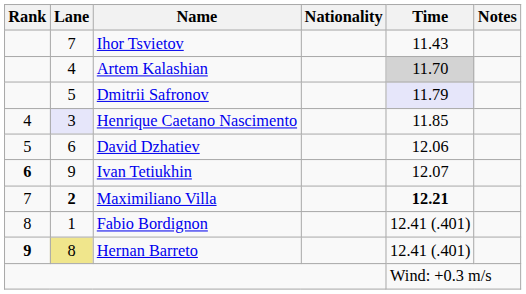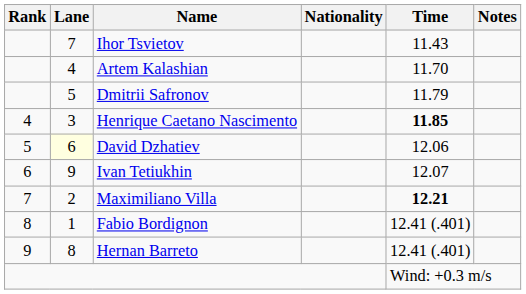 <table class="wikitable sortable" style="text-align:center">
 <tr>
 <th>Rank</th>
 <th>Lane</th>
 <th>Name</th>
 <th>Nationality</th>
 <th>Time</th>
 <th>Notes</th>
 </tr>
 <tr>
 <td></td>
 <td>7</td>
 <td align="left"><a href='#'>Ihor Tsvietov</a></td>
 <td align="left"></td>
 <td>11.43</td>
 <td></td>
 </tr>
 <tr>
 <td></td>
 <td>4</td>
 <td align="left"><a href='#'>Artem Kalashian</a></td>
 <td align="left"></td>
-<td style="background: lightgrey;">11.70</td>
+<td>11.70</td>
 <td></td>
 </tr>
 <tr>
 <td></td>
 <td>5</td>
 <td align="left"><a href='#'>Dmitrii Safronov</a></td>
 <td align="left"></td>
-<td style="background: lavender;">11.79</td>
+<td>11.79</td>
 <td></td>
 </tr>
 <tr>
 <td>4</td>
-<td style="background: lavender;">3</td>
+<td>3</td>
 <td align="left"><a href='#'>Henrique Caetano Nascimento</a></td>
 <td align="left"></td>
-<td>11.85</td>
+<td><strong>11.85</strong></td>
 <td></td>
 </tr>
 <tr>
 <td>5</td>
-<td>6</td>
+<td style="background: lightyellow;">6</td>
 <td align="left"><a href='#'>David Dzhatiev</a></td>
 <td align="left"></td>
 <td>12.06</td>
 <td></td>
 </tr>
 <tr>
-<td><strong>6</strong></td>
+<td>6</td>
 <td>9</td>
 <td align="left"><a href='#'>Ivan Tetiukhin</a></td>
 <td align="left"></td>
 <td>12.07</td>
 <td></td>
 </tr>
 <tr>
 <td>7</td>
-<td><strong>2</strong></td>
+<td>2</td>
 <td align="left"><a href='#'>Maximiliano Villa</a></td>
 <td align="left"></td>
 <td><strong>12.21</strong></td>
 <td></td>
 </tr>
 <tr>
 <td>8</td>
 <td>1</td>
 <td align="left"><a href='#'>Fabio Bordignon</a></td>
 <td align="left"></td>
 <td>12.41 (.401)</td>
 <td></td>
 </tr>
 <tr>
-<td><strong>9</strong></td>
-<td style="background: khaki;">8</td>
+<td>9</td>
+<td>8</td>
 <td align="left"><a href='#'>Hernan Barreto</a></td>
 <td align="left"></td>
 <td>12.41 (.401)</td>
 <td></td>
 </tr>
 <tr class="sortbottom">
 <td colspan="4"></td>
 <td colspan="2" style="text-align:left;">Wind: +0.3 m/s</td>
 </tr>
 </table>
